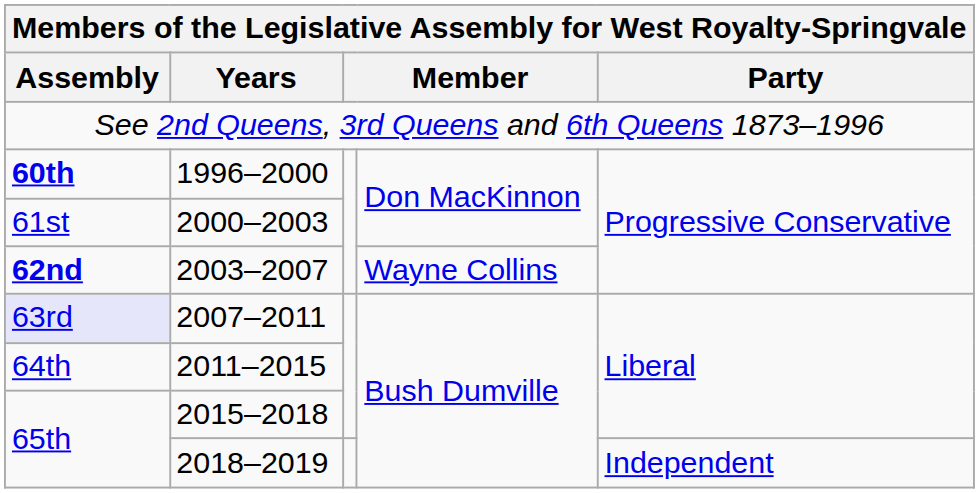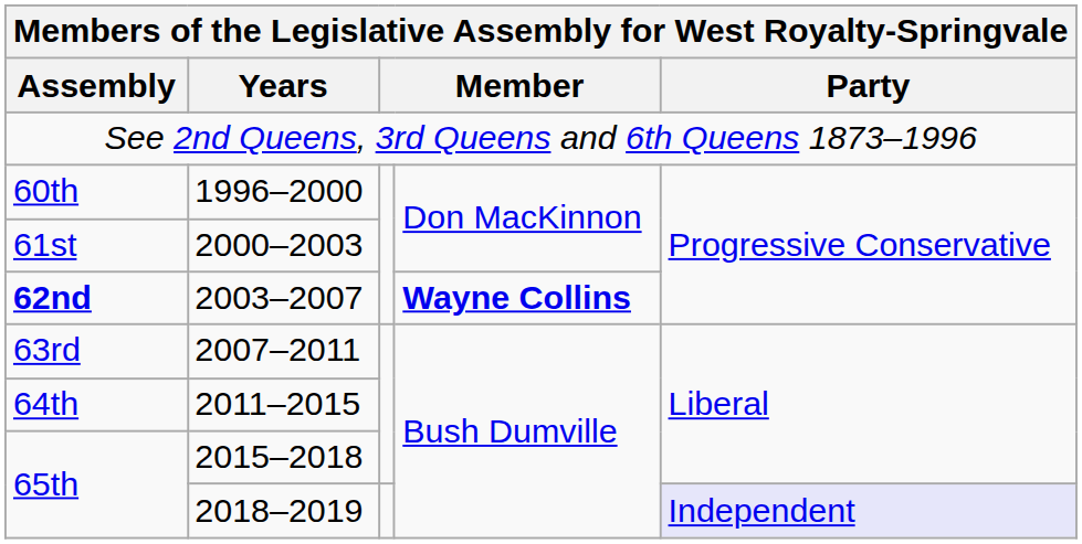 <table class="wikitable" align=centre>
 <tr>
 <th colspan=5>Members of the Legislative Assembly for West Royalty-Springvale</th>
 </tr>
 <tr>
 <th>Assembly</th>
 <th>Years</th>
 <th colspan="2">Member</th>
 <th>Party</th>
 </tr>
 <tr>
 <td align="center" colspan=5><em>See <a href='#'>2nd Queens</a>, <a href='#'>3rd Queens</a> and <a href='#'>6th Queens</a> 1873–1996</em></td>
 </tr>
 <tr>
-<td><strong><a href='#'>60th</a></strong></td>
+<td><a href='#'>60th</a></td>
 <td>1996–2000</td>
 <td rowspan=3 ></td>
 <td rowspan=2><a href='#'>Don MacKinnon</a></td>
 <td rowspan=3><a href='#'>Progressive Conservative</a></td>
 </tr>
 <tr>
 <td><a href='#'>61st</a></td>
 <td>2000–2003</td>
 </tr>
 <tr>
 <td><strong><a href='#'>62nd</a></strong></td>
 <td>2003–2007</td>
-<td rowspan=1><a href='#'>Wayne Collins</a></td>
+<td rowspan=1><strong><a href='#'>Wayne Collins</a></strong></td>
 </tr>
 <tr>
-<td style="background: lavender;"><a href='#'>63rd</a></td>
+<td><a href='#'>63rd</a></td>
 <td>2007–2011</td>
 <td rowspan=3 ></td>
 <td rowspan=4><a href='#'>Bush Dumville</a></td>
 <td rowspan=3><a href='#'>Liberal</a></td>
 </tr>
 <tr>
 <td><a href='#'>64th</a></td>
 <td>2011–2015</td>
 </tr>
 <tr>
 <td rowspan=2><a href='#'>65th</a></td>
 <td>2015–2018</td>
 </tr>
 <tr>
 <td>2018–2019</td>
 <td></td>
-<td><a href='#'>Independent</a></td>
+<td style="background: lavender;"><a href='#'>Independent</a></td>
 </tr>
 </table>
